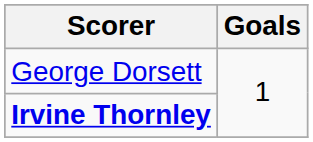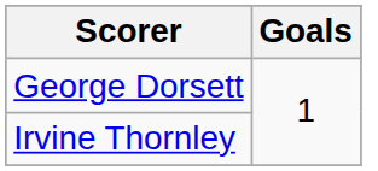 <table class="wikitable">
 <tr>
 <th>Scorer</th>
 <th>Goals</th>
 </tr>
 <tr>
 <td> <a href='#'>George Dorsett</a></td>
 <td rowspan="2" align=center>1</td>
 </tr>
 <tr>
-<td><strong> <a href='#'>Irvine Thornley</a></strong></td>
+<td> <a href='#'>Irvine Thornley</a></td>
 </tr>
 </table>
